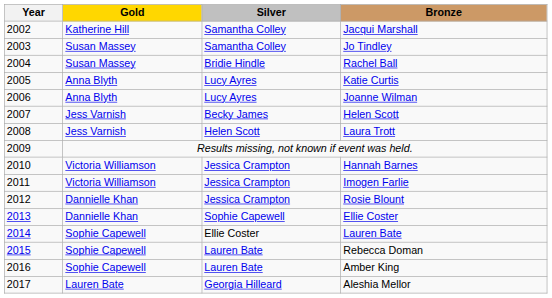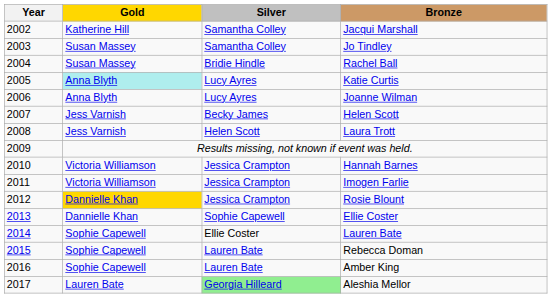 <table class="wikitable" style="font-size: 100%">
 <tr>
 <th width=80>Year</th>
 <th width=200 style="background-color: gold;">Gold</th>
 <th width=200 style="background-color: silver;">Silver</th>
 <th width=300 style="background-color: #cc9966;">Bronze</th>
 </tr>
 <tr>
 <td>2002</td>
 <td><a href='#'>Katherine Hill</a></td>
 <td><a href='#'>Samantha Colley</a></td>
 <td><a href='#'>Jacqui Marshall</a></td>
 </tr>
 <tr>
 <td>2003</td>
 <td><a href='#'>Susan Massey</a></td>
 <td><a href='#'>Samantha Colley</a></td>
 <td><a href='#'>Jo Tindley</a></td>
 </tr>
 <tr>
 <td>2004</td>
 <td><a href='#'>Susan Massey</a></td>
 <td><a href='#'>Bridie Hindle</a></td>
 <td><a href='#'>Rachel Ball</a></td>
 </tr>
 <tr>
 <td>2005</td>
-<td><a href='#'>Anna Blyth</a></td>
+<td style="background: paleturquoise;"><a href='#'>Anna Blyth</a></td>
 <td><a href='#'>Lucy Ayres</a></td>
 <td><a href='#'>Katie Curtis</a></td>
 </tr>
 <tr>
 <td>2006</td>
 <td><a href='#'>Anna Blyth</a></td>
 <td><a href='#'>Lucy Ayres</a></td>
 <td><a href='#'>Joanne Wilman</a></td>
 </tr>
 <tr>
 <td>2007</td>
 <td><a href='#'>Jess Varnish</a></td>
 <td><a href='#'>Becky James</a></td>
 <td><a href='#'>Helen Scott</a></td>
 </tr>
 <tr>
 <td>2008</td>
 <td><a href='#'>Jess Varnish</a></td>
 <td><a href='#'>Helen Scott</a></td>
 <td><a href='#'>Laura Trott</a></td>
 </tr>
 <tr>
 <td>2009</td>
 <td colspan=3 style="text-align:center;"><em>Results missing, not known if event was held.</em></td>
 </tr>
 <tr>
 <td>2010</td>
 <td><a href='#'>Victoria Williamson</a></td>
 <td><a href='#'>Jessica Crampton</a></td>
 <td><a href='#'>Hannah Barnes</a></td>
 </tr>
 <tr>
 <td>2011</td>
 <td><a href='#'>Victoria Williamson</a></td>
 <td><a href='#'>Jessica Crampton</a></td>
 <td><a href='#'>Imogen Farlie</a></td>
 </tr>
 <tr>
 <td>2012</td>
-<td><a href='#'>Dannielle Khan</a></td>
+<td style="background: gold;"><a href='#'>Dannielle Khan</a></td>
 <td><a href='#'>Jessica Crampton</a></td>
 <td><a href='#'>Rosie Blount</a></td>
 </tr>
 <tr>
 <td><a href='#'>2013</a></td>
 <td><a href='#'>Dannielle Khan</a></td>
 <td><a href='#'>Sophie Capewell</a></td>
 <td><a href='#'>Ellie Coster</a></td>
 </tr>
 <tr>
 <td><a href='#'>2014</a></td>
 <td><a href='#'>Sophie Capewell</a></td>
 <td>Ellie Coster</td>
 <td><a href='#'>Lauren Bate</a></td>
 </tr>
 <tr>
 <td><a href='#'>2015</a></td>
 <td><a href='#'>Sophie Capewell</a></td>
 <td><a href='#'>Lauren Bate</a></td>
 <td>Rebecca Doman</td>
 </tr>
 <tr>
 <td>2016</td>
 <td><a href='#'>Sophie Capewell</a></td>
 <td><a href='#'>Lauren Bate</a></td>
 <td>Amber King</td>
 </tr>
 <tr>
 <td>2017</td>
 <td><a href='#'>Lauren Bate</a></td>
-<td><a href='#'>Georgia Hilleard</a></td>
+<td style="background: lightgreen;"><a href='#'>Georgia Hilleard</a></td>
 <td>Aleshia Mellor</td>
 </tr>
 </table>
